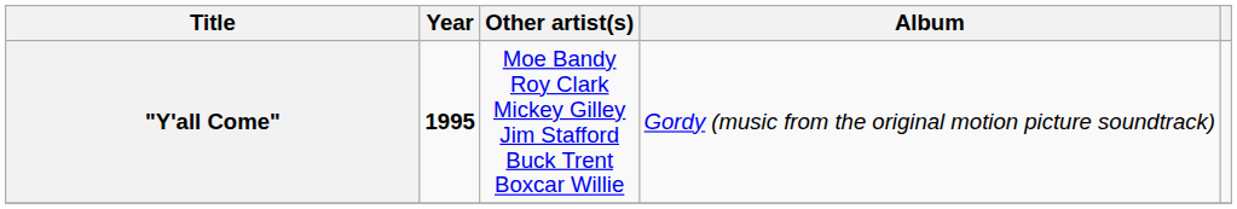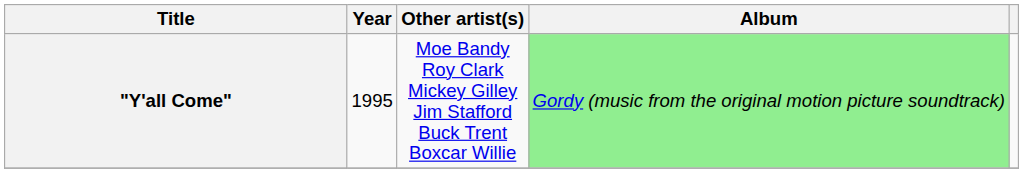 <table class="wikitable plainrowheaders" style="text-align:center;" border="1">
 <tr>
 <th scope="col" style="width:18em;">Title</th>
 <th scope="col">Year</th>
 <th scope="col">Other artist(s)</th>
 <th scope="col">Album</th>
 <th scope="col"></th>
 </tr>
 <tr>
 <th scope="row">"Y'all Come"</th>
-<td><strong>1995</strong></td>
+<td>1995</td>
 <td><a href='#'>Moe Bandy</a><br><a href='#'>Roy Clark</a><br><a href='#'>Mickey Gilley</a><br><a href='#'>Jim Stafford</a><br><a href='#'>Buck Trent</a><br><a href='#'>Boxcar Willie</a></td>
-<td><em><a href='#'>Gordy</a> (music from the original motion picture soundtrack)</em></td>
+<td style="background: lightgreen;"><em><a href='#'>Gordy</a> (music from the original motion picture soundtrack)</em></td>
 <td></td>
 </tr>
 <tr>
 </tr>
 </table>
